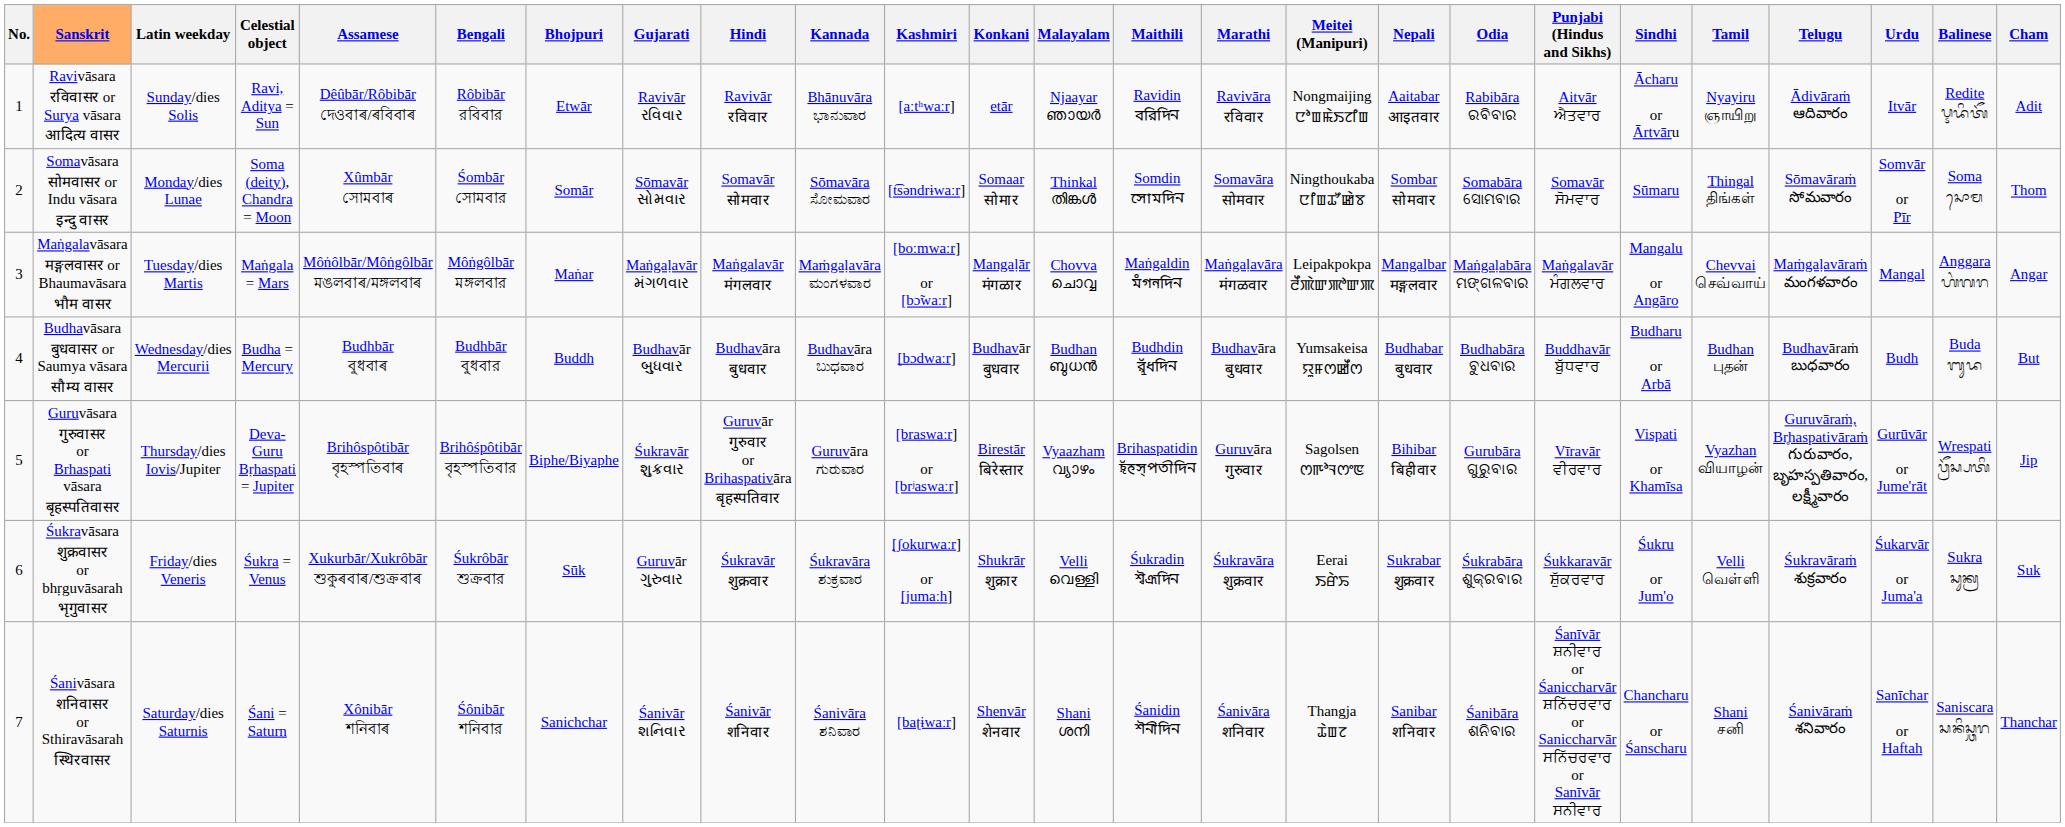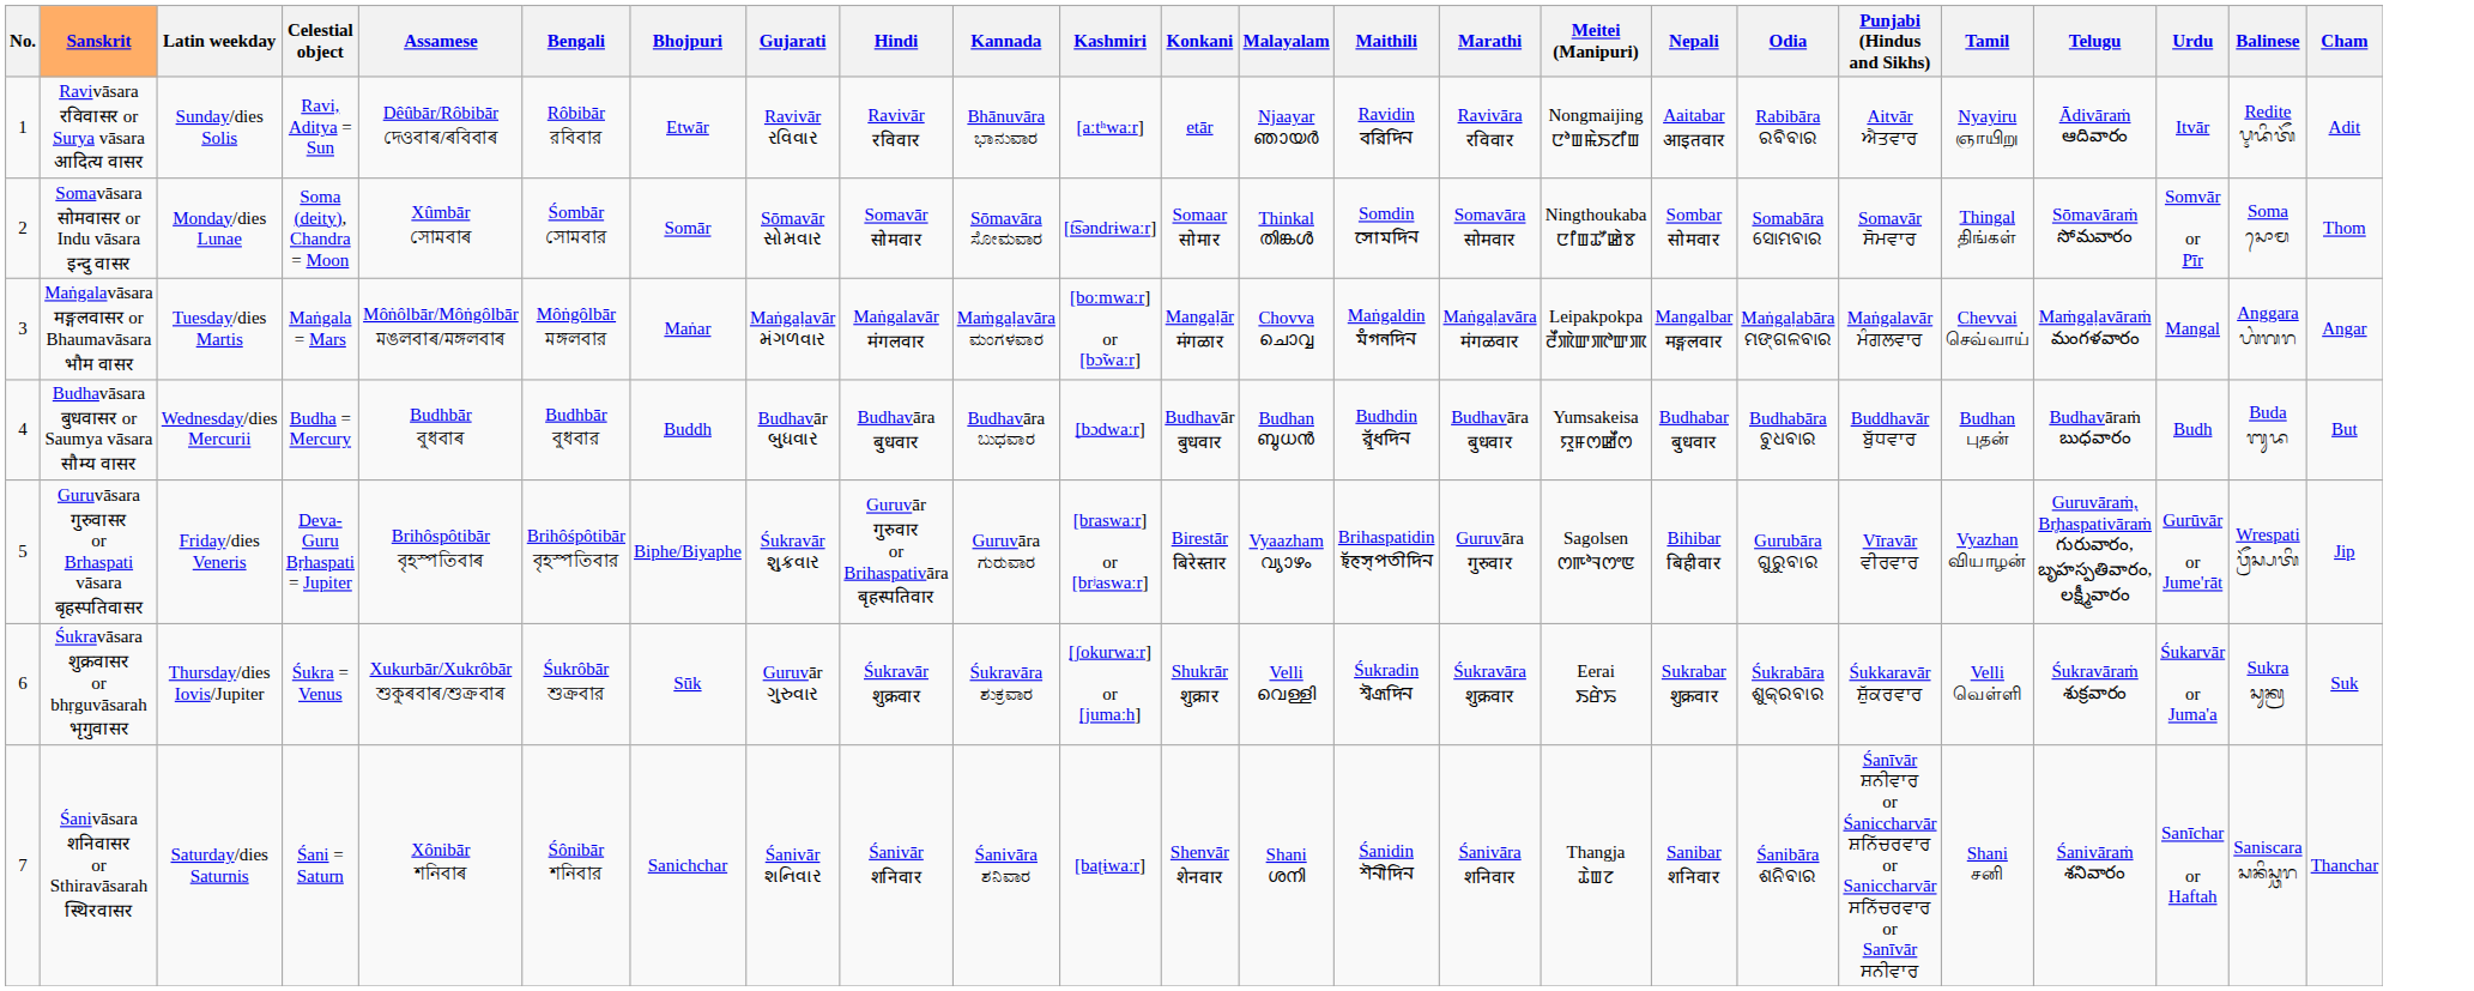 <table class="wikitable sortable" style="text-align:center; font-size:85%;">
 <tr>
 <th>No.</th>
 <th style="background: #ffad66;"><a href='#'>Sanskrit</a></th>
 <th>Latin weekday</th>
 <th>Celestial object</th>
 <th><a href='#'>Assamese</a></th>
 <th><a href='#'>Bengali</a></th>
 <th><a href='#'>Bhojpuri</a></th>
 <th><a href='#'>Gujarati</a></th>
 <th><a href='#'>Hindi</a></th>
 <th><a href='#'>Kannada</a></th>
 <th><a href='#'>Kashmiri</a></th>
 <th><a href='#'>Konkani</a></th>
 <th><a href='#'>Malayalam</a></th>
 <th><a href='#'>Maithili</a></th>
 <th><a href='#'>Marathi</a></th>
 <th><a href='#'>Meitei</a><br>(Manipuri)</th>
 <th><a href='#'>Nepali</a></th>
 <th><a href='#'>Odia</a></th>
 <th><a href='#'>Punjabi</a><br>(Hindus and Sikhs)</th>
-<th><a href='#'>Sindhi</a></th>
 <th><a href='#'>Tamil</a></th>
 <th><a href='#'>Telugu</a></th>
 <th><a href='#'>Urdu</a></th>
 <th><a href='#'>Balinese</a></th>
 <th><a href='#'>Cham</a></th>
 </tr>
 <tr>
 <td>1</td>
 <td><a href='#'>Ravi</a>vāsara <br> रविवासर or <br> <a href='#'>Surya</a> vāsara <br> आदित्य वासर</td>
 <td><a href='#'>Sunday</a>/dies <a href='#'>Solis</a></td>
 <td><a href='#'>Ravi, Aditya</a> = <a href='#'>Sun</a></td>
 <td><a href='#'>Dêûbār/Rôbibār</a> <br> দেওবাৰ/ৰবিবাৰ</td>
 <td><a href='#'>Rôbibār</a> <br> রবিবার</td>
 <td><a href='#'>Etwār</a> <br> </td>
 <td><a href='#'>Ravivār</a> <br> રવિવાર</td>
 <td><a href='#'>Ravivār</a>  <br> रविवार</td>
 <td><a href='#'>Bhānuvāra</a>  <br> ಭಾನುವಾರ</td>
 <td><a href='#'>[aːtʰwaːr</a>] </td>
 <td><a href='#'>etār</a>  <br></td>
 <td><a href='#'>Njaayar</a>  <br> ഞായർ</td>
 <td><a href='#'>Ravidin</a>  <br> 𑒩𑒫𑒱𑒠𑒱𑒢</td>
 <td><a href='#'>Ravivāra</a>  <br> रविवार</td>
 <td>Nongmaijing<br>ꯅꯣꯡꯃꯥꯏꯖꯤꯡ</td>
 <td><a href='#'>Aaitabar</a>  <br> आइतवार</td>
 <td><a href='#'>Rabibāra</a>  <br> ରବିବାର</td>
 <td><a href='#'>Aitvār</a>  <br> ਐਤਵਾਰ</td>
-<td><a href='#'>Ācharu</a><br><br>or<br><a href='#'>Ārtv</a><a href='#'>ār</a>u<br></td>
 <td><a href='#'>Nyayiru</a>  <br> ஞாயிறு</td>
 <td><a href='#'>Ādivāraṁ</a>  <br> ఆదివారం</td>
 <td><a href='#'>Itvār</a> <br> </td>
 <td><a href='#'>Redite</a> <br> ᬋᬤᬶᬢᭂ</td>
 <td><a href='#'>Adit</a></td>
 </tr>
 <tr>
 <td>2</td>
 <td><a href='#'>Soma</a>vāsara <br> सोमवासर or <br> Indu vāsara <br> इन्दु वासर</td>
 <td><a href='#'>Monday</a>/dies <a href='#'>Lunae</a></td>
 <td><a href='#'>Soma (deity)</a>, <a href='#'>Chandra</a> = <a href='#'>Moon</a></td>
 <td><a href='#'>Xûmbār</a> <br> সোমবাৰ</td>
 <td><a href='#'>Śombār</a> <br> সোমবার</td>
 <td><a href='#'>Somār</a> <br>  </td>
 <td><a href='#'>Sōmavār</a><br> સોમવાર</td>
 <td><a href='#'>Somavār</a> <br>सोमवार</td>
 <td><a href='#'>Sōmavāra</a>  <br> ಸೋಮವಾರ</td>
 <td><a href='#'>[t͡səndrɨwaːr</a>]<br> </td>
 <td><a href='#'>Somaar</a>  <br> सोमार</td>
 <td><a href='#'>Thinkal</a> <br> തിങ്കൾ</td>
 <td><a href='#'>Somdin</a> <br> 𑒮𑒼𑒧𑒠𑒱𑒢</td>
 <td><a href='#'>Somavāra</a> <br>सोमवार</td>
 <td>Ningthoukaba<br>ꯅꯤꯡꯊꯧꯀꯥꯕ</td>
 <td><a href='#'>Sombar</a> <br> सोमवार</td>
 <td><a href='#'>Somabāra</a>  <br> ସୋମବାର</td>
 <td><a href='#'>Somavār</a> <br> ਸੋਮਵਾਰ</td>
-<td><a href='#'>Sūmaru</a><br></td>
 <td><a href='#'>Thingal</a> <br> திங்கள்</td>
 <td><a href='#'>Sōmavāraṁ</a>  <br> సోమవారం</td>
 <td><a href='#'>Somvār</a> <br> <br>or<br><a href='#'>Pīr</a><br></td>
 <td><a href='#'>Soma</a> <br> ᬲᭀᬫ</td>
 <td><a href='#'>Thom</a></td>
 </tr>
 <tr>
 <td>3</td>
 <td><a href='#'>Maṅgala</a>vāsara <br> मङ्गलवासर or <br> Bhaumavāsara <br> भौम वासर</td>
 <td><a href='#'>Tuesday</a>/dies <a href='#'>Martis</a></td>
 <td><a href='#'>Maṅgala</a> = <a href='#'>Mars</a></td>
 <td><a href='#'>Môṅôlbār/Môṅgôlbār</a> <br> মঙলবাৰ/মঙ্গলবাৰ</td>
 <td><a href='#'>Môṅgôlbār</a> <br> মঙ্গলবার</td>
 <td><a href='#'>Maṅar</a> <br> </td>
 <td><a href='#'>Maṅgaḷavār</a> <br> મંગળવાર</td>
 <td><a href='#'>Maṅgalavār</a> <br> मंगलवार</td>
 <td><a href='#'>Maṁgaḷavāra</a> <br> ಮಂಗಳವಾರ</td>
 <td><a href='#'>[boːmwaːr</a>]<br><br>or<br><a href='#'>[bɔ̃waːr</a>]<br></td>
 <td><a href='#'>Mangaḷār</a>  <br> मंगळार</td>
 <td><a href='#'>Chovva</a>  <br> ചൊവ്വ</td>
 <td><a href='#'>Maṅgaldin</a> <br> 𑒧𑓀𑒑𑒪𑒠𑒱𑒢</td>
 <td><a href='#'>Maṅgaḷavāra</a> <br> मंगळवार</td>
 <td>Leipakpokpa<br>ꯂꯩꯄꯥꯛꯄꯣꯛꯄ</td>
 <td><a href='#'>Mangalbar</a> <br> मङ्गलवार</td>
 <td><a href='#'>Maṅgaḷabāra</a> <br> ମଙ୍ଗଳବାର</td>
 <td><a href='#'>Maṅgalavār</a> <br> ਮੰਗਲਵਾਰ</td>
-<td><a href='#'>Mangalu</a><br><br>or<br><a href='#'>Angāro</a><br></td>
 <td><a href='#'>Chevvai</a> <br> செவ்வாய்</td>
 <td><a href='#'>Maṁgaḷavāraṁ</a> <br> మంగళవారం</td>
 <td><a href='#'>Mangal</a> <br> </td>
 <td><a href='#'>Anggara</a> <br> ᬳᬂᬕᬭ</td>
 <td><a href='#'>Angar</a></td>
 </tr>
 <tr>
 <td>4</td>
 <td><a href='#'>Budha</a>vāsara <br> बुधवासर or <br> Saumya vāsara <br> सौम्य वासर</td>
 <td><a href='#'>Wednesday</a>/dies <a href='#'>Mercurii</a></td>
 <td><a href='#'>Budha</a> = <a href='#'>Mercury</a></td>
 <td><a href='#'>Budhbār</a> <br> বুধবাৰ</td>
 <td><a href='#'>Budhbār</a> <br> বুধবার</td>
 <td><a href='#'>Buddh</a> <br></td>
 <td><a href='#'>Budhav</a>ār <br> બુધવાર</td>
 <td><a href='#'>Budhav</a>āra <br> बुधवार</td>
 <td><a href='#'>Budhav</a>āra <br> ಬುಧವಾರ</td>
 <td><a href='#'>[bɔdwaːr</a>]<br></td>
 <td><a href='#'>Budhav</a>ār  <br> बुधवार</td>
 <td><a href='#'>Budhan</a>  <br> ബുധൻ</td>
 <td><a href='#'>Budhdin</a> <br> 𑒥𑒳𑒡𑒠𑒱𑒢</td>
 <td><a href='#'>Budhav</a>āra <br> बुधवार</td>
 <td>Yumsakeisa<br>ꯌꯨꯝꯁꯀꯩꯁ</td>
 <td><a href='#'>Budhabar</a> <br> बुधवार</td>
 <td><a href='#'>Budhabāra</a> <br> ବୁଧବାର</td>
 <td><a href='#'>Buddhavār</a> <br> ਬੁੱਧਵਾਰ</td>
-<td><a href='#'>Budharu</a><br><br>or<br><a href='#'>Arbā</a><br></td>
 <td><a href='#'>Budhan</a> <br>  புதன்</td>
 <td><a href='#'>Budhav</a>āraṁ <br> బుధవారం</td>
 <td><a href='#'>Budh</a> <br>  </td>
 <td><a href='#'>Buda</a> <br> ᬩᬸᬤ</td>
 <td><a href='#'>But</a></td>
 </tr>
 <tr>
 <td>5</td>
 <td><a href='#'>Guru</a>vāsara <br> गुरुवासर <br> or <br> <a href='#'>Brhaspati</a> vāsara <br> बृहस्पतिवासर</td>
-<td><a href='#'>Thursday</a>/dies <a href='#'>Iovis</a>/Jupiter</td>
+<td><a href='#'>Friday</a>/dies <a href='#'>Veneris</a></td>
 <td><a href='#'>Deva-Guru Bṛhaspati</a> = <a href='#'>Jupiter</a></td>
 <td><a href='#'>Brihôspôtibār</a> <br> বৃহস্পতিবাৰ</td>
 <td><a href='#'>Brihôśpôtibār</a> <br> বৃহস্পতিবার</td>
 <td><a href='#'>Biphe/Biyaphe</a> <br> </td>
 <td><a href='#'>Śukravār</a> <br> શુક્રવાર</td>
 <td><a href='#'>Guruv</a>ār <br> गुरुवार<br>or <br> <a href='#'>Brihaspativ</a>āra <br> बृहस्पतिवार</td>
 <td><a href='#'>Guruv</a>āra <br> ಗುರುವಾರ</td>
 <td><a href='#'>[braswaːr</a>]<br><br>or<br><a href='#'>[brʲaswaːr</a>] </td>
 <td><a href='#'>Birestār</a>  <br> बिरेस्तार</td>
 <td><a href='#'>Vyaazham</a>  <br> വ്യാഴം</td>
 <td><a href='#'>Brihaspatidin</a><br> 𑒥𑒵𑒯𑒮𑓂𑒣𑒞𑒲𑒠𑒱𑒢</td>
 <td><a href='#'>Guruv</a>āra <br> गुरुवार</td>
 <td>Sagolsen<br>ꯁꯒꯣꯜꯁꯦꯟ</td>
 <td><a href='#'>Bihibar</a> <br> बिहीवार</td>
 <td><a href='#'>Gurubāra</a> <br> ଗୁରୁବାର</td>
 <td><a href='#'>Vīravār</a> <br> ਵੀਰਵਾਰ</td>
-<td><a href='#'>Vispati</a><br><br>or<br><a href='#'>Khamīsa</a><br></td>
 <td><a href='#'>Vyazhan</a> <br> வியாழன்</td>
 <td><a href='#'>Guruvāraṁ, Br̥haspativāraṁ</a> <br> గురువారం, బృహస్పతివారం, లక్ష్మీవారం</td>
 <td><a href='#'>Gurūvār</a> <br> <br>or<br><a href='#'>Jume'rāt</a> <br> </td>
 <td><a href='#'>Wrespati</a> <br> ᬯ᭄ᬭᭂᬲ᭄ᬧᬢᬶ</td>
 <td><a href='#'>Jip</a></td>
 </tr>
 <tr>
 <td>6</td>
 <td><a href='#'>Śukra</a>vāsara <br> शुक्रवासर<br>or bhṛguvāsarah भृगुवासर</td>
-<td><a href='#'>Friday</a>/dies <a href='#'>Veneris</a></td>
+<td><a href='#'>Thursday</a>/dies <a href='#'>Iovis</a>/Jupiter</td>
 <td><a href='#'>Śukra</a> = <a href='#'>Venus</a></td>
 <td><a href='#'>Xukurbār/Xukrôbār</a> <br> শুকুৰবাৰ/শুক্রবাৰ</td>
 <td><a href='#'>Śukrôbār</a> <br> শুক্রবার</td>
 <td><a href='#'>Sūk</a> <br> </td>
 <td><a href='#'>Guruv</a>ār <br> ગુરુવાર</td>
 <td><a href='#'>Śukravār</a> <br> शुक्रवार</td>
 <td><a href='#'>Śukravāra</a> <br> ಶುಕ್ರವಾರ</td>
 <td><a href='#'>[ʃokurwaːr</a>]<br><br>or<br><a href='#'>[jumaːh</a>]<br></td>
 <td><a href='#'>Shukrār</a>  <br> शुक्रार</td>
 <td><a href='#'>Velli</a>  <br> വെള്ളി</td>
 <td><a href='#'>Śukradin</a> <br> 𑒬𑒳𑒏𑓂𑒩𑒠𑒱𑒢</td>
 <td><a href='#'>Śukravāra</a> <br> शुक्रवार</td>
 <td>Eerai<br>ꯏꯔꯥꯢ</td>
 <td><a href='#'>Sukrabar</a> <br> शुक्रवार</td>
 <td><a href='#'>Śukrabāra</a> <br> ଶୁକ୍ରବାର</td>
 <td><a href='#'>Śukkaravār</a> <br> ਸ਼ੁੱਕਰਵਾਰ</td>
-<td><a href='#'>Śukru</a><br><br>or<br><a href='#'>Jum'o</a><br></td>
 <td><a href='#'>Velli</a> <br> வெள்ளி</td>
 <td><a href='#'>Śukravāraṁ</a> <br> శుక్రవారం</td>
 <td><a href='#'>Śukarvār</a> <br> <br>or <a href='#'>Juma'a</a><br></td>
 <td><a href='#'>Sukra</a> <br> ᬲᬸᬓ᭄ᬭ</td>
 <td><a href='#'>Suk</a></td>
 </tr>
 <tr>
 <td>7</td>
 <td><a href='#'>Śani</a>vāsara <br> शनिवासर<br>or Sthiravāsarah स्थिरवासर</td>
 <td><a href='#'>Saturday</a>/dies <a href='#'>Saturnis</a></td>
 <td><a href='#'>Śani</a> = <a href='#'>Saturn</a></td>
 <td><a href='#'>Xônibār</a> <br> শনিবাৰ</td>
 <td><a href='#'>Śônibār</a> <br> শনিবার</td>
 <td><a href='#'>Sanichchar</a> <br> </td>
 <td><a href='#'>Śanivār</a> <br> શનિવાર</td>
 <td><a href='#'>Śanivār</a> <br> शनिवार</td>
 <td><a href='#'>Śanivāra</a> <br> ಶನಿವಾರ</td>
 <td><a href='#'>[baʈɨwaːr</a>]<br></td>
 <td><a href='#'>Shenvār</a> <br> शेनवार</td>
 <td><a href='#'>Shani</a> <br> ശനി</td>
 <td><a href='#'>Śanidin</a> <br> 𑒬𑒢𑒲𑒠𑒱𑒢</td>
 <td><a href='#'>Śanivāra</a> <br> शनिवार</td>
 <td>Thangja<br>ꯊꯥꯡꯖ</td>
 <td><a href='#'>Sanibar</a> <br> शनिवार</td>
 <td><a href='#'>Śanibāra</a> <br> ଶନିବାର</td>
 <td><a href='#'>Śanīvār</a> <br> ਸ਼ਨੀਵਾਰ<br>or<br><a href='#'>Śaniccharvār</a> <br> ਸ਼ਨਿੱਚਰਵਾਰ<br>or<br><a href='#'>Saniccharvār</a> <br> ਸਨਿੱਚਰਵਾਰ<br>or<br><a href='#'>Sanīvār</a> <br> ਸਨੀਵਾਰ</td>
-<td><a href='#'>Chancharu</a><br><br>or<br><a href='#'>Śanscharu</a><br></td>
 <td><a href='#'>Shani</a> <br> சனி</td>
 <td><a href='#'>Śanivāraṁ</a> <br> శనివారం</td>
 <td><a href='#'>Sanīchar</a> <br> <br>or <a href='#'>Haftah</a><br></td>
 <td><a href='#'>Saniscara</a> <br> ᬲᬦᬶᬲ᭄ᬘᬭ</td>
 <td><a href='#'>Thanchar</a></td>
 </tr>
 </table>
